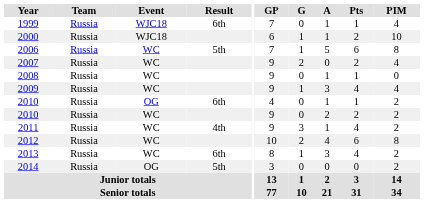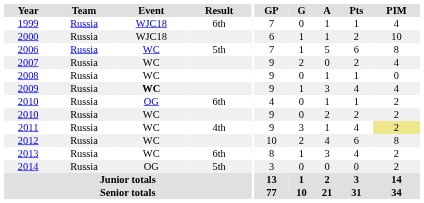 <table border="0" cellpadding="1" cellspacing="0" ID="Table3" style="text-align:center; width:40em">
 <tr ALIGN="center" bgcolor="#e0e0e0">
 <th>Year</th>
 <th>Team</th>
 <th>Event</th>
 <th>Result</th>
 <th rowspan="99" bgcolor="#ffffff"></th>
 <th>GP</th>
 <th>G</th>
 <th>A</th>
 <th>Pts</th>
 <th>PIM</th>
 </tr>
 <tr>
 <td><a href='#'>1999</a></td>
 <td><a href='#'>Russia</a></td>
 <td><a href='#'>WJC18</a></td>
 <td>6th</td>
 <td>7</td>
 <td>0</td>
 <td>1</td>
 <td>1</td>
 <td>4</td>
 </tr>
 <tr bgcolor="#f0f0f0">
 <td><a href='#'>2000</a></td>
 <td>Russia</td>
 <td>WJC18</td>
 <td></td>
 <td>6</td>
 <td>1</td>
 <td>1</td>
 <td>2</td>
 <td>10</td>
 </tr>
 <tr>
 <td><a href='#'>2006</a></td>
 <td><a href='#'>Russia</a></td>
 <td><a href='#'>WC</a></td>
 <td>5th</td>
 <td>7</td>
 <td>1</td>
 <td>5</td>
 <td>6</td>
 <td>8</td>
 </tr>
 <tr bgcolor="#f0f0f0">
 <td><a href='#'>2007</a></td>
 <td>Russia</td>
 <td>WC</td>
 <td></td>
 <td>9</td>
 <td>2</td>
 <td>0</td>
 <td>2</td>
 <td>4</td>
 </tr>
 <tr>
 <td><a href='#'>2008</a></td>
 <td>Russia</td>
 <td>WC</td>
 <td></td>
 <td>9</td>
 <td>0</td>
 <td>1</td>
 <td>1</td>
 <td>0</td>
 </tr>
 <tr bgcolor="#f0f0f0">
 <td><a href='#'>2009</a></td>
 <td>Russia</td>
-<td>WC</td>
+<td><strong>WC</strong></td>
 <td></td>
 <td>9</td>
 <td>1</td>
 <td>3</td>
 <td>4</td>
 <td>4</td>
 </tr>
 <tr>
 <td><a href='#'>2010</a></td>
 <td>Russia</td>
 <td><a href='#'>OG</a></td>
 <td>6th</td>
 <td>4</td>
 <td>0</td>
 <td>1</td>
 <td>1</td>
 <td>2</td>
 </tr>
 <tr bgcolor="#f0f0f0">
 <td><a href='#'>2010</a></td>
 <td>Russia</td>
 <td>WC</td>
 <td></td>
 <td>9</td>
 <td>0</td>
 <td>2</td>
 <td>2</td>
 <td>2</td>
 </tr>
 <tr>
 <td><a href='#'>2011</a></td>
 <td>Russia</td>
 <td>WC</td>
 <td>4th</td>
 <td>9</td>
 <td>3</td>
 <td>1</td>
 <td>4</td>
-<td>2</td>
+<td style="background: khaki;">2</td>
 </tr>
 <tr bgcolor="#f0f0f0">
 <td><a href='#'>2012</a></td>
 <td>Russia</td>
 <td>WC</td>
 <td></td>
 <td>10</td>
 <td>2</td>
 <td>4</td>
 <td>6</td>
 <td>8</td>
 </tr>
 <tr>
 <td><a href='#'>2013</a></td>
 <td>Russia</td>
 <td>WC</td>
 <td>6th</td>
 <td>8</td>
 <td>1</td>
 <td>3</td>
 <td>4</td>
 <td>2</td>
 </tr>
 <tr bgcolor="#f0f0f0">
 <td><a href='#'>2014</a></td>
 <td>Russia</td>
 <td>OG</td>
 <td>5th</td>
 <td>3</td>
 <td>0</td>
 <td>0</td>
 <td>0</td>
 <td>2</td>
 </tr>
 <tr bgcolor="#e0e0e0">
 <th colspan=4>Junior totals</th>
 <th>13</th>
 <th>1</th>
 <th>2</th>
 <th>3</th>
 <th>14</th>
 </tr>
 <tr bgcolor="#e0e0e0">
 <th colspan=4>Senior totals</th>
 <th>77</th>
 <th>10</th>
 <th>21</th>
 <th>31</th>
 <th>34</th>
 </tr>
 </table>
